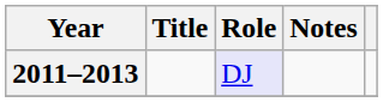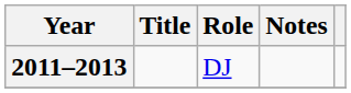 <table class="wikitable plainrowheaders sortable">
 <tr>
 <th scope="col">Year</th>
 <th scope="col">Title</th>
 <th scope="col">Role</th>
 <th scope="col" class="unsortable">Notes</th>
 <th scope="col" class="unsortable"></th>
 </tr>
 <tr>
 <th scope="row">2011–2013</th>
 <td><em></em></td>
-<td style="background: lavender;"><a href='#'>DJ</a></td>
+<td><a href='#'>DJ</a></td>
 <td></td>
 <td></td>
 </tr>
 <tr>
 </tr>
 </table>
